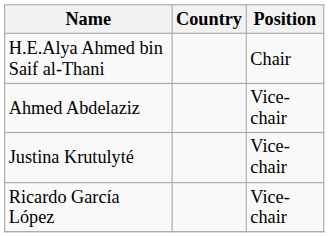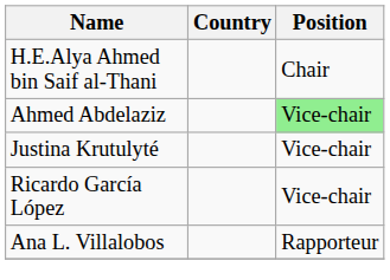 <table class="wikitable" style="display: inline-table; width: 45%">
 <tr>
 <th>Name</th>
 <th>Country</th>
 <th>Position</th>
 </tr>
 <tr>
 <td>H.E.Alya Ahmed bin Saif al-Thani</td>
 <td></td>
 <td>Chair</td>
 </tr>
 <tr>
 <td>Ahmed Abdelaziz</td>
 <td></td>
-<td>Vice-chair</td>
+<td style="background: lightgreen;">Vice-chair</td>
 </tr>
 <tr>
 <td>Justina Krutulyté</td>
 <td></td>
 <td>Vice-chair</td>
 </tr>
 <tr>
 <td>Ricardo García López</td>
 <td></td>
 <td>Vice-chair</td>
 </tr>
 <tr>
+<td>Ana L. Villalobos</td>
+<td></td>
+<td>Rapporteur</td>
+</tr>
+<tr>
 </tr>
 </table>
